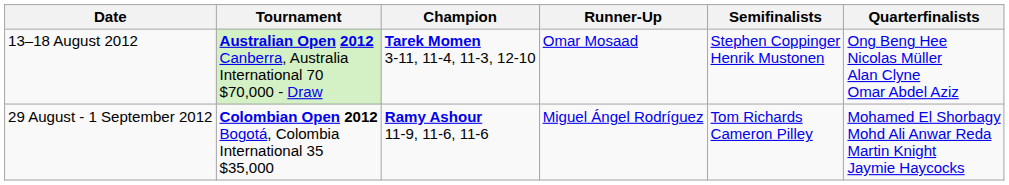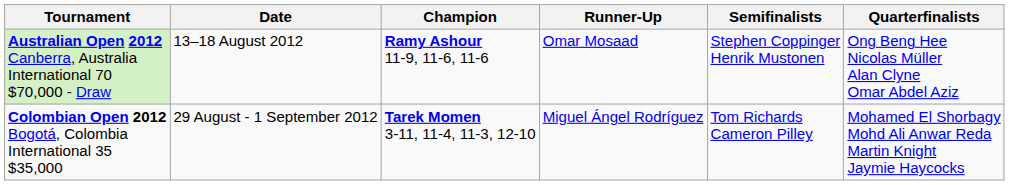 <table class="wikitable" style="font-size:88%">
 <tr>
+<th>Tournament</th>
 <th>Date</th>
-<th>Tournament</th>
 <th>Champion</th>
 <th>Runner-Up</th>
 <th>Semifinalists</th>
 <th>Quarterfinalists</th>
 </tr>
 <tr valign=top>
+<td style="background:#D4F1C5;"><strong><a href='#'>Australian Open</a> <a href='#'>2012</a></strong><br> <a href='#'>Canberra</a>, Australia<br>International 70<br>$70,000 - <a href='#'>Draw</a></td>
 <td>13–18 August 2012</td>
-<td style="background:#D4F1C5;"><strong><a href='#'>Australian Open</a> <a href='#'>2012</a></strong><br> <a href='#'>Canberra</a>, Australia<br>International 70<br>$70,000 - <a href='#'>Draw</a></td>
-<td> <strong><a href='#'>Tarek Momen</a></strong><br>3-11, 11-4, 11-3, 12-10</td>
+<td> <strong><a href='#'>Ramy Ashour</a></strong><br>11-9, 11-6, 11-6</td>
 <td> <a href='#'>Omar Mosaad</a></td>
 <td> <a href='#'>Stephen Coppinger</a><br> <a href='#'>Henrik Mustonen</a></td>
 <td> <a href='#'>Ong Beng Hee</a><br> <a href='#'>Nicolas Müller</a><br> <a href='#'>Alan Clyne</a><br> <a href='#'>Omar Abdel Aziz</a></td>
 </tr>
 <tr valign=top>
+<td><strong><a href='#'>Colombian Open</a> 2012</strong><br> <a href='#'>Bogotá</a>, Colombia<br>International 35<br>$35,000</td>
 <td>29 August - 1 September 2012</td>
-<td><strong><a href='#'>Colombian Open</a> 2012</strong><br> <a href='#'>Bogotá</a>, Colombia<br>International 35<br>$35,000</td>
-<td> <strong><a href='#'>Ramy Ashour</a></strong><br>11-9, 11-6, 11-6</td>
+<td> <strong><a href='#'>Tarek Momen</a></strong><br>3-11, 11-4, 11-3, 12-10</td>
 <td> <a href='#'>Miguel Ángel Rodríguez</a></td>
 <td> <a href='#'>Tom Richards</a><br> <a href='#'>Cameron Pilley</a></td>
 <td> <a href='#'>Mohamed El Shorbagy</a><br> <a href='#'>Mohd Ali Anwar Reda</a><br> <a href='#'>Martin Knight</a><br> <a href='#'>Jaymie Haycocks</a></td>
 </tr>
 </table>
